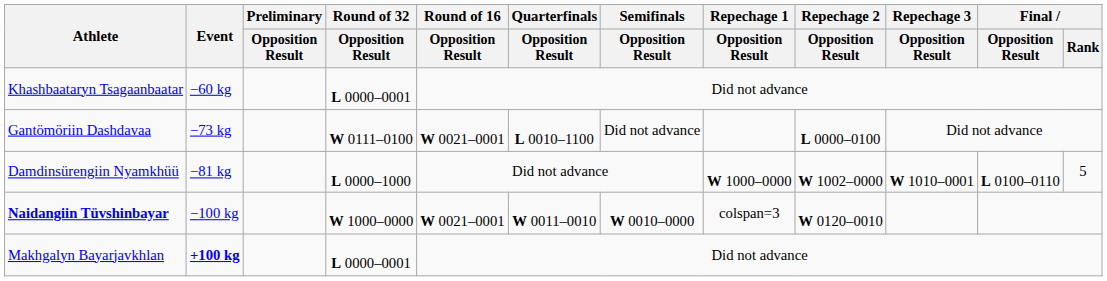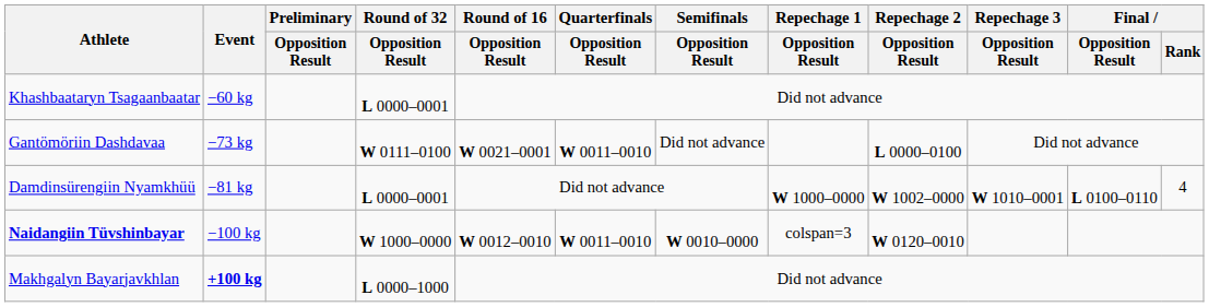 <table class="wikitable" style="font-size:90%">
 <tr>
 <th rowspan="2">Athlete</th>
 <th rowspan="2">Event</th>
 <th>Preliminary</th>
 <th>Round of 32</th>
 <th>Round of 16</th>
 <th>Quarterfinals</th>
 <th>Semifinals</th>
 <th>Repechage 1</th>
 <th>Repechage 2</th>
 <th>Repechage 3</th>
 <th colspan=2>Final / </th>
 </tr>
 <tr style="font-size:95%">
 <th>Opposition<br>Result</th>
 <th>Opposition<br>Result</th>
 <th>Opposition<br>Result</th>
 <th>Opposition<br>Result</th>
 <th>Opposition<br>Result</th>
 <th>Opposition<br>Result</th>
 <th>Opposition<br>Result</th>
 <th>Opposition<br>Result</th>
 <th>Opposition<br>Result</th>
 <th>Rank</th>
 </tr>
 <tr align=center>
 <td align=left><a href='#'>Khashbaataryn Tsagaanbaatar</a></td>
 <td align=left><a href='#'>−60 kg</a></td>
 <td></td>
 <td><br><strong>L</strong> 0000–0001</td>
 <td colspan=8>Did not advance</td>
 </tr>
 <tr align=center>
 <td align=left><a href='#'>Gantömöriin Dashdavaa</a></td>
 <td align=left><a href='#'>−73 kg</a></td>
 <td></td>
 <td><br><strong>W</strong> 0111–0100</td>
 <td><br><strong>W</strong> 0021–0001</td>
-<td><br><strong>L</strong> 0010–1100</td>
+<td><br><strong>W</strong> 0011–0010</td>
 <td>Did not advance</td>
 <td></td>
 <td><br><strong>L</strong> 0000–0100</td>
 <td colspan=3>Did not advance</td>
 </tr>
 <tr align=center>
 <td align=left><a href='#'>Damdinsürengiin Nyamkhüü</a></td>
 <td align=left><a href='#'>−81 kg</a></td>
 <td></td>
-<td><br><strong>L</strong> 0000–1000</td>
+<td><br><strong>L</strong> 0000–0001</td>
 <td colspan=3>Did not advance</td>
 <td><br><strong>W</strong> 1000–0000</td>
 <td><br><strong>W</strong> 1002–0000</td>
 <td><br><strong>W</strong> 1010–0001</td>
 <td><br><strong>L</strong> 0100–0110</td>
-<td>5</td>
+<td>4</td>
 </tr>
 <tr align=center>
 <td align=left><strong><a href='#'>Naidangiin Tüvshinbayar</a></strong></td>
 <td align=left><a href='#'>−100 kg</a></td>
 <td></td>
 <td><br><strong>W</strong> 1000–0000</td>
-<td><br><strong>W</strong> 0021–0001</td>
+<td><br><strong>W</strong> 0012–0010</td>
 <td><br><strong>W</strong> 0011–0010</td>
 <td><br><strong>W</strong> 0010–0000</td>
 <td>colspan=3 </td>
 <td><br><strong>W</strong> 0120–0010</td>
 <td></td>
 </tr>
 <tr align=center>
 <td align=left><a href='#'>Makhgalyn Bayarjavkhlan</a></td>
 <td align=left><strong><a href='#'>+100 kg</a></strong></td>
 <td></td>
-<td><br><strong>L</strong> 0000–0001</td>
+<td><br><strong>L</strong> 0000–1000</td>
 <td colspan=8>Did not advance</td>
 </tr>
 </table>
